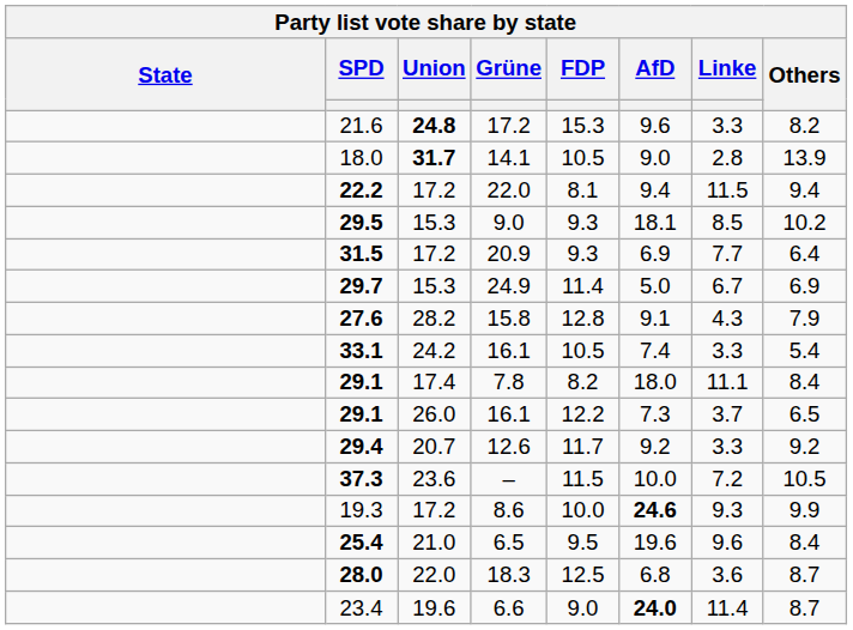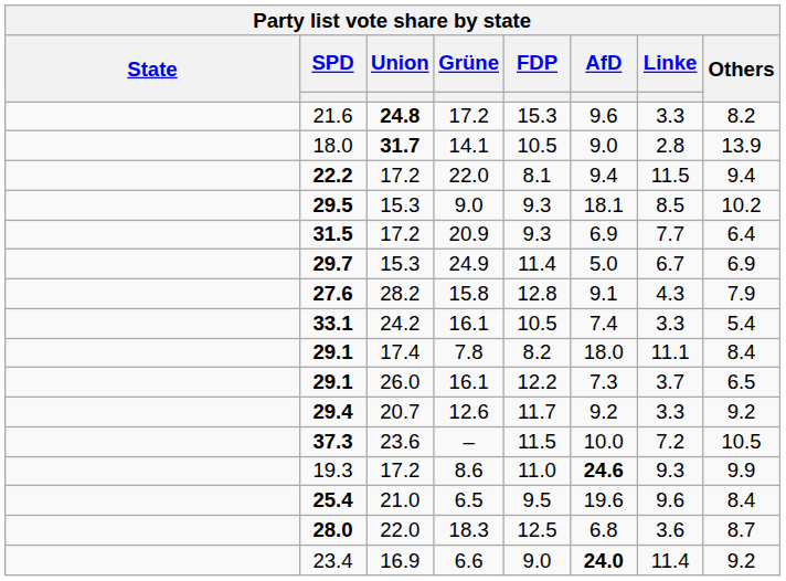 <table class="wikitable sortable" style="text-align:center;font-size:90%;line-height:14px">
 <tr>
 <th colspan=8>Party list vote share by state</th>
 </tr>
 <tr style="height:40px;">
 <th class="wikitable sortable" style="width:200px;" rowspan="2"><a href='#'>State</a></th>
 <th class="wikitable sortable" style="width:40px;"><a href='#'>SPD</a></th>
 <th class="wikitable sortable" style="width:40px;"><a href='#'>Union</a></th>
 <th class="wikitable sortable" style="width:40px;"><a href='#'>Grüne</a></th>
 <th class="wikitable sortable" style="width:40px;"><a href='#'>FDP</a></th>
 <th class="wikitable sortable" style="width:40px;"><a href='#'>AfD</a></th>
 <th class="wikitable sortable" style="width:40px;"><a href='#'>Linke</a></th>
 <th class="wikitable sortable" style="width:40px;" rowspan="2">Others</th>
 </tr>
 <tr>
 <th class="wikitable sortable" style="background:"></th>
 <th class="wikitable sortable" style="background:"></th>
 <th class="wikitable sortable" style="background:"></th>
 <th class="wikitable sortable" style="background:"></th>
 <th class="wikitable sortable" style="background:"></th>
 <th class="wikitable sortable" style="background:"></th>
 </tr>
 <tr>
 <td align="left"></td>
 <td>21.6</td>
 <td><strong>24.8</strong></td>
 <td>17.2</td>
 <td>15.3</td>
 <td>9.6</td>
 <td>3.3</td>
 <td>8.2</td>
 </tr>
 <tr>
 <td align="left"></td>
 <td>18.0</td>
 <td><strong>31.7</strong></td>
 <td>14.1</td>
 <td>10.5</td>
 <td>9.0</td>
 <td>2.8</td>
 <td>13.9</td>
 </tr>
 <tr>
 <td align="left"></td>
 <td><strong>22.2</strong></td>
 <td>17.2</td>
 <td>22.0</td>
 <td>8.1</td>
 <td>9.4</td>
 <td>11.5</td>
 <td>9.4</td>
 </tr>
 <tr>
 <td align="left"></td>
 <td><strong>29.5</strong></td>
 <td>15.3</td>
 <td>9.0</td>
 <td>9.3</td>
 <td>18.1</td>
 <td>8.5</td>
 <td>10.2</td>
 </tr>
 <tr>
 <td align="left"></td>
 <td><strong>31.5</strong></td>
 <td>17.2</td>
 <td>20.9</td>
 <td>9.3</td>
 <td>6.9</td>
 <td>7.7</td>
 <td>6.4</td>
 </tr>
 <tr>
 <td align="left"></td>
 <td><strong>29.7</strong></td>
 <td>15.3</td>
 <td>24.9</td>
 <td>11.4</td>
 <td>5.0</td>
 <td>6.7</td>
 <td>6.9</td>
 </tr>
 <tr>
 <td align="left"></td>
 <td><strong>27.6</strong></td>
 <td>28.2</td>
 <td>15.8</td>
 <td>12.8</td>
 <td>9.1</td>
 <td>4.3</td>
 <td>7.9</td>
 </tr>
 <tr>
 <td align="left"></td>
 <td><strong>33.1</strong></td>
 <td>24.2</td>
 <td>16.1</td>
 <td>10.5</td>
 <td>7.4</td>
 <td>3.3</td>
 <td>5.4</td>
 </tr>
 <tr>
 <td align="left"></td>
 <td><strong>29.1</strong></td>
 <td>17.4</td>
 <td>7.8</td>
 <td>8.2</td>
 <td>18.0</td>
 <td>11.1</td>
 <td>8.4</td>
 </tr>
 <tr>
 <td align="left"></td>
 <td><strong>29.1</strong></td>
 <td>26.0</td>
 <td>16.1</td>
 <td>12.2</td>
 <td>7.3</td>
 <td>3.7</td>
 <td>6.5</td>
 </tr>
 <tr>
 <td align="left"></td>
 <td><strong>29.4</strong></td>
 <td>20.7</td>
 <td>12.6</td>
 <td>11.7</td>
 <td>9.2</td>
 <td>3.3</td>
 <td>9.2</td>
 </tr>
 <tr>
 <td align="left"></td>
 <td><strong>37.3</strong></td>
 <td>23.6</td>
 <td>–</td>
 <td>11.5</td>
 <td>10.0</td>
 <td>7.2</td>
 <td>10.5</td>
 </tr>
 <tr>
 <td align="left"></td>
 <td>19.3</td>
 <td>17.2</td>
 <td>8.6</td>
-<td>10.0</td>
+<td>11.0</td>
 <td><strong>24.6</strong></td>
 <td>9.3</td>
 <td>9.9</td>
 </tr>
 <tr>
 <td align="left"></td>
 <td><strong>25.4</strong></td>
 <td>21.0</td>
 <td>6.5</td>
 <td>9.5</td>
 <td>19.6</td>
 <td>9.6</td>
 <td>8.4</td>
 </tr>
 <tr>
 <td align="left"></td>
 <td><strong>28.0</strong></td>
 <td>22.0</td>
 <td>18.3</td>
 <td>12.5</td>
 <td>6.8</td>
 <td>3.6</td>
 <td>8.7</td>
 </tr>
 <tr>
 <td align="left"></td>
 <td>23.4</td>
-<td>19.6</td>
+<td>16.9</td>
 <td>6.6</td>
 <td>9.0</td>
 <td><strong>24.0</strong></td>
 <td>11.4</td>
-<td>8.7</td>
+<td>9.2</td>
 </tr>
 </table>
